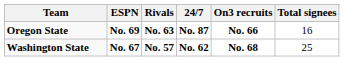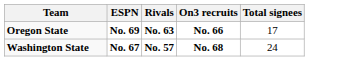 <table class="wikitable">
 <tr>
 <th style="width:9em;">Team</th>
 <th>ESPN</th>
 <th>Rivals</th>
-<th>24/7</th>
 <th>On3 recruits</th>
 <th>Total signees</th>
 </tr>
 <tr>
 <td><strong>Oregon State</strong></td>
 <td style="text-align:center; background:white"><strong>No. 69</strong></td>
 <td style="text-align:center; background:white"><strong>No. 63</strong></td>
-<td style="text-align:center; background:white"><strong>No. 87</strong></td>
 <td style="text-align:center; background:white"><strong>No. 66</strong></td>
-<td style="text-align:center; background:white">16</td>
+<td style="text-align:center; background:white">17</td>
 </tr>
 <tr>
 <td><strong>Washington State</strong></td>
 <td style="text-align:center; background:white"><strong>No. 67</strong></td>
 <td style="text-align:center; background:white"><strong>No. 57</strong></td>
-<td style="text-align:center; background:white"><strong>No. 62</strong></td>
 <td style="text-align:center; background:white"><strong>No. 68</strong></td>
-<td style="text-align:center; background:white">25</td>
+<td style="text-align:center; background:white">24</td>
 </tr>
 </table>
